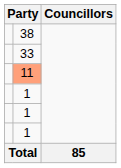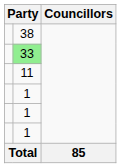 <table class="wikitable">
 <tr>
 <th colspan=2>Party</th>
 <th>Councillors</th>
 </tr>
 <tr>
 <td></td>
 <td align=center>38</td>
 </tr>
 <tr>
 <td></td>
-<td align=center>33</td>
+<td align=center style="background: lightgreen;">33</td>
 </tr>
 <tr>
 <td></td>
-<td align=center style="background: lightsalmon;">11</td>
+<td align=center>11</td>
 </tr>
 <tr>
 <td></td>
 <td align=center>1</td>
 </tr>
 <tr>
 <td></td>
 <td align=center>1</td>
 </tr>
 <tr>
 <td></td>
 <td align=center>1</td>
 </tr>
 <tr>
 <th colspan=2>Total</th>
 <th align=center>85</th>
 </tr>
 </table>
